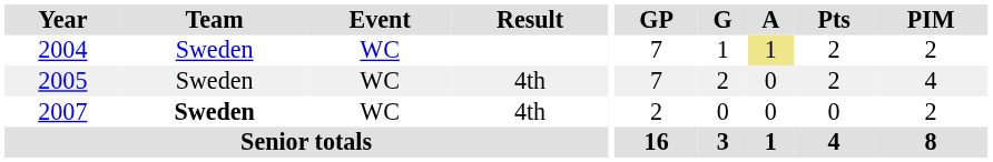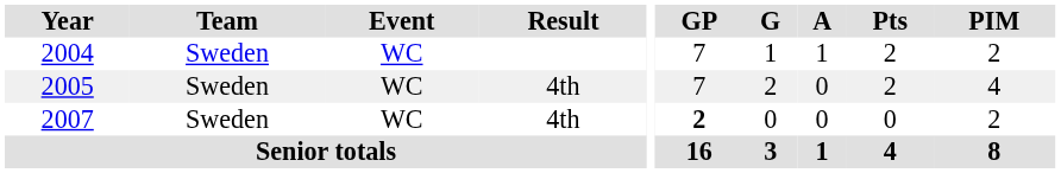 <table border="0" cellpadding="1" cellspacing="0" ID="Table3" style="text-align:center; width:40em">
 <tr ALIGN="center" bgcolor="#e0e0e0">
 <th>Year</th>
 <th>Team</th>
 <th>Event</th>
 <th>Result</th>
 <th rowspan="99" bgcolor="#ffffff"></th>
 <th>GP</th>
 <th>G</th>
 <th>A</th>
 <th>Pts</th>
 <th>PIM</th>
 </tr>
 <tr>
 <td><a href='#'>2004</a></td>
 <td><a href='#'>Sweden</a></td>
 <td><a href='#'>WC</a></td>
 <td></td>
 <td>7</td>
 <td>1</td>
-<td style="background: khaki;">1</td>
+<td>1</td>
 <td>2</td>
 <td>2</td>
 </tr>
 <tr bgcolor="#f0f0f0">
 <td><a href='#'>2005</a></td>
 <td>Sweden</td>
 <td>WC</td>
 <td>4th</td>
 <td>7</td>
 <td>2</td>
 <td>0</td>
 <td>2</td>
 <td>4</td>
 </tr>
 <tr>
 <td><a href='#'>2007</a></td>
-<td><strong>Sweden</strong></td>
+<td>Sweden</td>
 <td>WC</td>
 <td>4th</td>
-<td>2</td>
+<td><strong>2</strong></td>
 <td>0</td>
 <td>0</td>
 <td>0</td>
 <td>2</td>
 </tr>
 <tr bgcolor="#e0e0e0">
 <th colspan="4">Senior totals</th>
 <th>16</th>
 <th>3</th>
 <th>1</th>
 <th>4</th>
 <th>8</th>
 </tr>
 </table>
